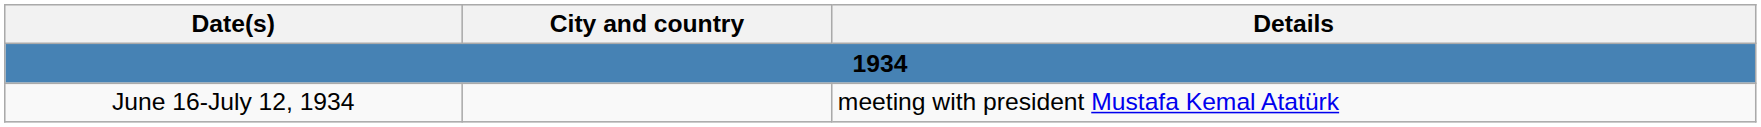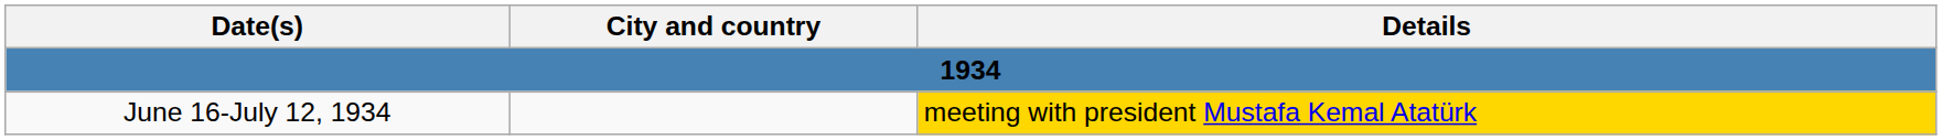 <table class="wikitable" width="90%">
 <tr>
 <th align="center">Date(s)</th>
 <th align="center">City and country</th>
 <th align="center">Details</th>
 </tr>
 <tr>
 <td align="center" bgcolor="steelblue" colspan="3" id="14"><strong>1934</strong></td>
 </tr>
 <tr>
 <td align="center">June 16-July 12, 1934</td>
 <td align="center"></td>
-<td>meeting with president <a href='#'>Mustafa Kemal Atatürk</a></td>
+<td style="background: gold;">meeting with president <a href='#'>Mustafa Kemal Atatürk</a></td>
 </tr>
 </table>
